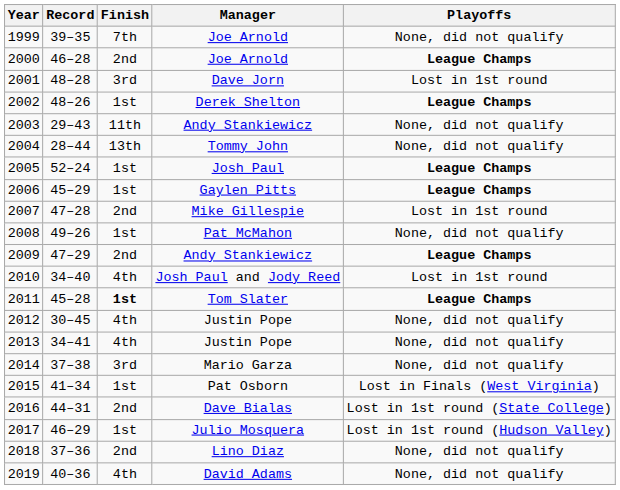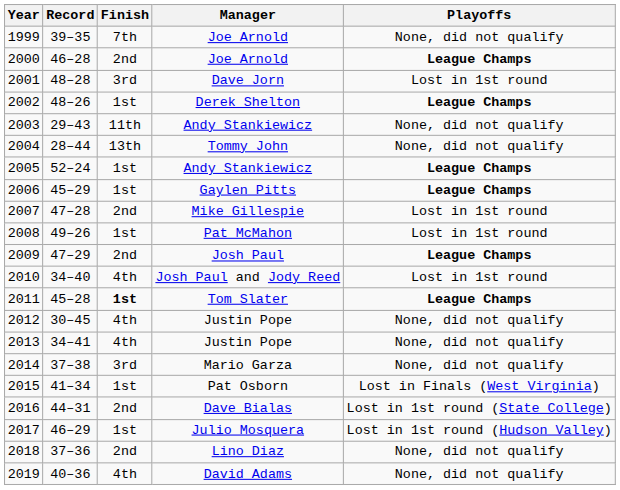 <table class="wikitable">
 <tr>
 <th>Year</th>
 <th>Record</th>
 <th>Finish</th>
 <th>Manager</th>
 <th>Playoffs</th>
 </tr>
 <tr align=center>
 <td>1999</td>
 <td>39–35</td>
 <td>7th</td>
 <td><a href='#'>Joe Arnold</a></td>
 <td>None, did not qualify</td>
 </tr>
 <tr align=center>
 <td>2000</td>
 <td>46–28</td>
 <td>2nd</td>
 <td><a href='#'>Joe Arnold</a></td>
 <td><strong>League Champs</strong></td>
 </tr>
 <tr align=center>
 <td>2001</td>
 <td>48–28</td>
 <td>3rd</td>
 <td><a href='#'>Dave Jorn</a></td>
 <td>Lost in 1st round</td>
 </tr>
 <tr align=center>
 <td>2002</td>
 <td>48–26</td>
 <td>1st</td>
 <td><a href='#'>Derek Shelton</a></td>
 <td><strong>League Champs</strong></td>
 </tr>
 <tr align=center>
 <td>2003</td>
 <td>29–43</td>
 <td>11th</td>
 <td><a href='#'>Andy Stankiewicz</a></td>
 <td>None, did not qualify</td>
 </tr>
 <tr align=center>
 <td>2004</td>
 <td>28–44</td>
 <td>13th</td>
 <td><a href='#'>Tommy John</a></td>
 <td>None, did not qualify</td>
 </tr>
 <tr align=center>
 <td>2005</td>
 <td>52–24</td>
 <td>1st</td>
-<td><a href='#'>Josh Paul</a></td>
+<td><a href='#'>Andy Stankiewicz</a></td>
 <td><strong>League Champs</strong></td>
 </tr>
 <tr align=center>
 <td>2006</td>
 <td>45–29</td>
 <td>1st</td>
 <td><a href='#'>Gaylen Pitts</a></td>
 <td><strong>League Champs</strong></td>
 </tr>
 <tr align=center>
 <td>2007</td>
 <td>47–28</td>
 <td>2nd</td>
 <td><a href='#'>Mike Gillespie</a></td>
 <td>Lost in 1st round</td>
 </tr>
 <tr align=center>
 <td>2008</td>
 <td>49–26</td>
 <td>1st</td>
 <td><a href='#'>Pat McMahon</a></td>
-<td>None, did not qualify</td>
+<td>Lost in 1st round</td>
 </tr>
 <tr align=center>
 <td>2009</td>
 <td>47–29</td>
 <td>2nd</td>
-<td><a href='#'>Andy Stankiewicz</a></td>
+<td><a href='#'>Josh Paul</a></td>
 <td><strong>League Champs</strong></td>
 </tr>
 <tr align=center>
 <td>2010</td>
 <td>34–40</td>
 <td>4th</td>
 <td><a href='#'>Josh Paul</a> and <a href='#'>Jody Reed</a></td>
 <td>Lost in 1st round</td>
 </tr>
 <tr align=center>
 <td>2011</td>
 <td>45–28</td>
 <td><strong>1st</strong></td>
 <td><a href='#'>Tom Slater</a></td>
 <td><strong>League Champs</strong></td>
 </tr>
 <tr align=center>
 <td>2012</td>
 <td>30–45</td>
 <td>4th</td>
 <td>Justin Pope</td>
 <td>None, did not qualify</td>
 </tr>
 <tr align=center>
 <td>2013</td>
 <td>34–41</td>
 <td>4th</td>
 <td>Justin Pope</td>
 <td>None, did not qualify</td>
 </tr>
 <tr align=center>
 <td>2014</td>
 <td>37–38</td>
 <td>3rd</td>
 <td>Mario Garza</td>
 <td>None, did not qualify</td>
 </tr>
 <tr align=center>
 <td>2015</td>
 <td>41–34</td>
 <td>1st</td>
 <td>Pat Osborn</td>
 <td>Lost in Finals (<a href='#'>West Virginia</a>)</td>
 </tr>
 <tr align=center>
 <td>2016</td>
 <td>44–31</td>
 <td>2nd</td>
 <td><a href='#'>Dave Bialas</a></td>
 <td>Lost in 1st round (<a href='#'>State College</a>)</td>
 </tr>
 <tr align=center>
 <td>2017</td>
 <td>46–29</td>
 <td>1st</td>
 <td><a href='#'>Julio Mosquera</a></td>
 <td>Lost in 1st round (<a href='#'>Hudson Valley</a>)</td>
 </tr>
 <tr align=center>
 <td>2018</td>
 <td>37–36</td>
 <td>2nd</td>
 <td><a href='#'>Lino Diaz</a></td>
 <td>None, did not qualify</td>
 </tr>
 <tr align=center>
 <td>2019</td>
 <td>40–36</td>
 <td>4th</td>
 <td><a href='#'>David Adams</a></td>
 <td>None, did not qualify</td>
 </tr>
 </table>
